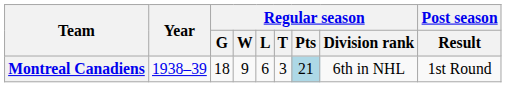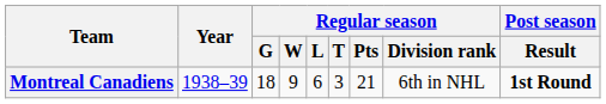 <table class="wikitable" style="font-size: 95%; text-align:center;">
 <tr>
 <th rowspan="2">Team</th>
 <th rowspan="2">Year</th>
 <th colspan="6"><a href='#'>Regular season</a></th>
 <th colspan="1"><a href='#'>Post season</a></th>
 </tr>
 <tr>
 <th>G</th>
 <th>W</th>
 <th>L</th>
 <th>T</th>
 <th>Pts</th>
 <th>Division rank</th>
 <th>Result</th>
 </tr>
 <tr>
 <th><a href='#'>Montreal Canadiens</a></th>
 <td><a href='#'>1938–39</a></td>
 <td>18</td>
 <td>9</td>
 <td>6</td>
 <td>3</td>
-<td style="background: lightblue;">21</td>
+<td>21</td>
 <td>6th in NHL</td>
-<td>1st Round</td>
+<td><strong>1st Round</strong></td>
 </tr>
 </table>
